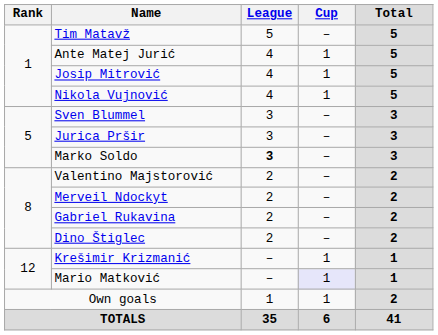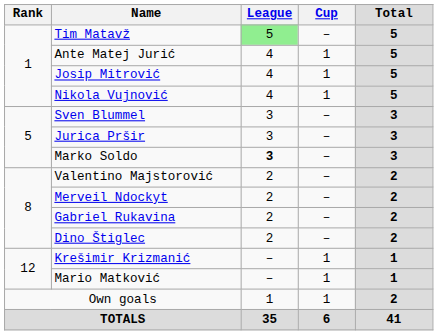 <table class="wikitable" style="font-size: 95%; text-align: center;">
 <tr>
 <th width=40>Rank</th>
 <th width=180>Name</th>
 <th width=50><a href='#'>League</a></th>
 <th width=50><a href='#'>Cup</a></th>
 <th width=70 style="background: #DCDCDC">Total</th>
 </tr>
 <tr>
 <td rowspan=4>1</td>
 <td style="text-align:left;"> <a href='#'>Tim Matavž</a></td>
-<td>5</td>
+<td style="background: lightgreen;">5</td>
 <td>–</td>
 <th style="background: #DCDCDC">5</th>
 </tr>
 <tr>
 <td style="text-align:left;"> Ante Matej Jurić</td>
 <td>4</td>
 <td>1</td>
 <th style="background: #DCDCDC">5</th>
 </tr>
 <tr>
 <td style="text-align:left;"> <a href='#'>Josip Mitrović</a></td>
 <td>4</td>
 <td>1</td>
 <th style="background: #DCDCDC">5</th>
 </tr>
 <tr>
 <td style="text-align:left;"> <a href='#'>Nikola Vujnović</a></td>
 <td>4</td>
 <td>1</td>
 <th style="background: #DCDCDC">5</th>
 </tr>
 <tr>
 <td rowspan=3>5</td>
 <td style="text-align:left;"> <a href='#'>Sven Blummel</a></td>
 <td>3</td>
 <td>–</td>
 <th style="background: #DCDCDC">3</th>
 </tr>
 <tr>
 <td style="text-align:left;"> <a href='#'>Jurica Pršir</a></td>
 <td>3</td>
 <td>–</td>
 <th style="background: #DCDCDC">3</th>
 </tr>
 <tr>
 <td style="text-align:left;"> Marko Soldo</td>
 <td><strong>3</strong></td>
 <td>–</td>
 <th style="background: #DCDCDC">3</th>
 </tr>
 <tr>
 <td rowspan=4>8</td>
 <td style="text-align:left;"> Valentino Majstorović</td>
 <td>2</td>
 <td>–</td>
 <th style="background: #DCDCDC">2</th>
 </tr>
 <tr>
 <td style="text-align:left;"> <a href='#'>Merveil Ndockyt</a></td>
 <td>2</td>
 <td>–</td>
 <th style="background: #DCDCDC">2</th>
 </tr>
 <tr>
 <td style="text-align:left;"> <a href='#'>Gabriel Rukavina</a></td>
 <td>2</td>
 <td>–</td>
 <th style="background: #DCDCDC">2</th>
 </tr>
 <tr>
 <td style="text-align:left;"> <a href='#'>Dino Štiglec</a></td>
 <td>2</td>
 <td>–</td>
 <th style="background: #DCDCDC">2</th>
 </tr>
 <tr>
 <td rowspan=2>12</td>
 <td style="text-align:left;"> <a href='#'>Krešimir Krizmanić</a></td>
 <td>–</td>
 <td>1</td>
 <th style="background: #DCDCDC">1</th>
 </tr>
 <tr>
 <td style="text-align:left;"> Mario Matković</td>
 <td>–</td>
-<td style="background: lavender;">1</td>
+<td>1</td>
 <th style="background: #DCDCDC">1</th>
 </tr>
 <tr>
 <td colspan=2 style="text-align:center;">Own goals</td>
 <td>1</td>
 <td>1</td>
 <th style="background: #DCDCDC">2</th>
 </tr>
 <tr>
 <th colspan="2" align="center" style="background: #DCDCDC">TOTALS</th>
 <th style="background: #DCDCDC">35</th>
 <th style="background: #DCDCDC">6</th>
 <th style="background: #DCDCDC">41</th>
 </tr>
 </table>
